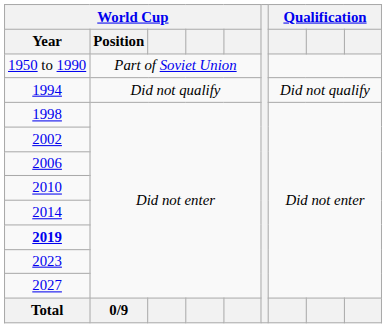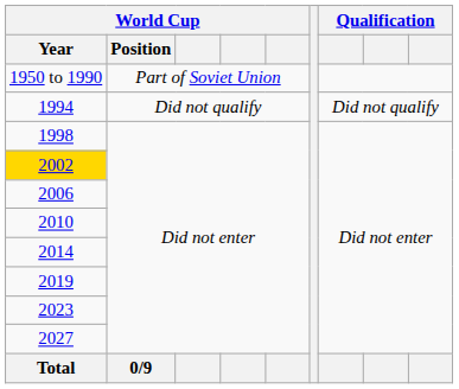 <table class="wikitable" style="text-align: center;font-size:90%;">
 <tr>
 <th colspan=5><a href='#'>World Cup</a></th>
 <th rowspan=13></th>
 <th colspan=3><a href='#'>Qualification</a></th>
 </tr>
 <tr>
 <th>Year</th>
 <th>Position</th>
 <th width=30></th>
 <th width=30></th>
 <th width=30></th>
 <th width=30></th>
 <th width=30></th>
 <th width=30></th>
 </tr>
 <tr>
 <td><a href='#'>1950</a> to <a href='#'>1990</a></td>
 <td colspan=4><em>Part of <a href='#'>Soviet Union</a></em></td>
 </tr>
 <tr>
 <td> <a href='#'>1994</a></td>
 <td colspan=4><em>Did not qualify</em></td>
 <td colspan=3><em>Did not qualify</em></td>
 </tr>
 <tr>
 <td> <a href='#'>1998</a></td>
 <td colspan=4 rowspan=8><em>Did not enter</em></td>
 <td colspan=3 rowspan=8><em>Did not enter</em></td>
 </tr>
 <tr>
-<td> <a href='#'>2002</a></td>
+<td style="background: gold;"> <a href='#'>2002</a></td>
 </tr>
 <tr>
 <td> <a href='#'>2006</a></td>
 </tr>
 <tr>
 <td> <a href='#'>2010</a></td>
 </tr>
 <tr>
 <td> <a href='#'>2014</a></td>
 </tr>
 <tr>
-<td><strong> <a href='#'>2019</a></strong></td>
+<td> <a href='#'>2019</a></td>
 </tr>
 <tr>
 <td> <a href='#'>2023</a></td>
 </tr>
 <tr>
 <td> <a href='#'>2027</a></td>
 </tr>
 <tr>
 <th>Total</th>
 <th>0/9</th>
 <th></th>
 <th></th>
 <th></th>
 <th></th>
 <th></th>
 <th></th>
 </tr>
 </table>
